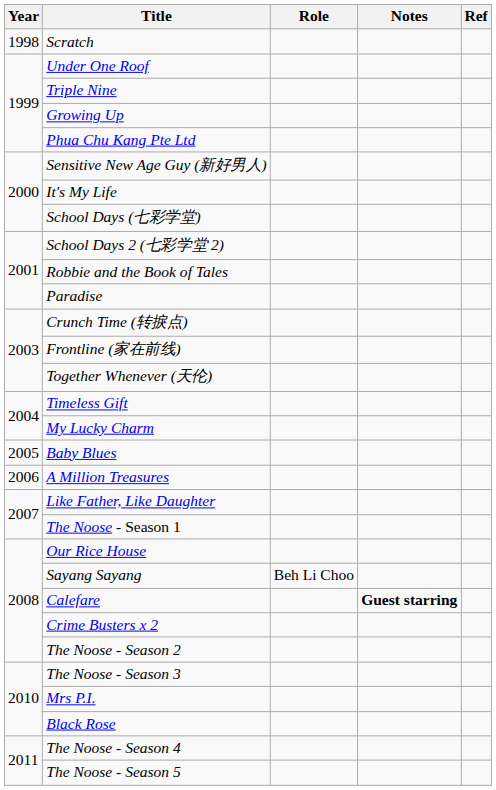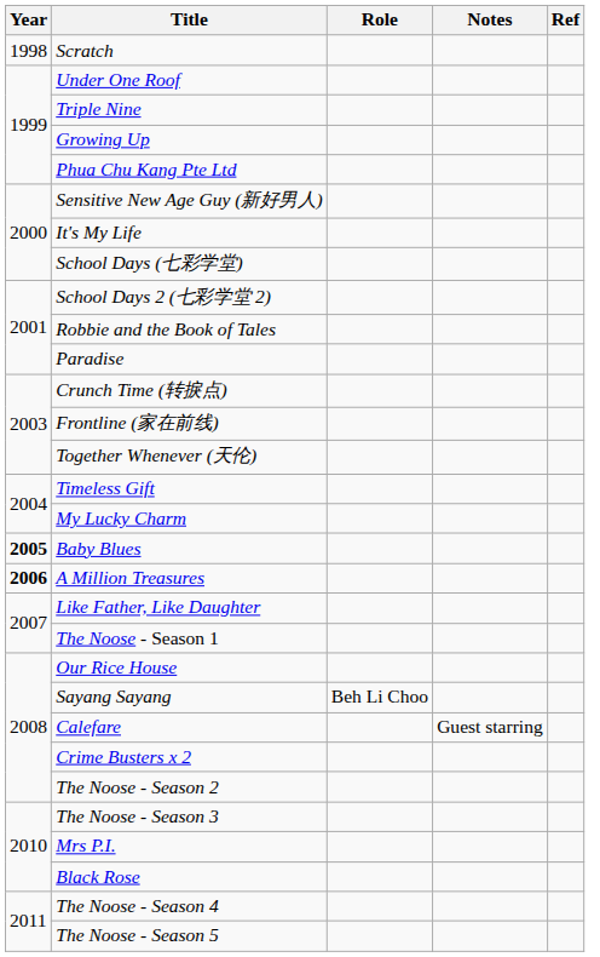 <table class="wikitable sortable">
 <tr>
 <th>Year</th>
 <th>Title</th>
 <th>Role</th>
 <th class="unsortable">Notes</th>
 <th class="unsortable">Ref</th>
 </tr>
 <tr>
 <td>1998</td>
 <td><em>Scratch</em></td>
 <td></td>
 <td></td>
 <td></td>
 </tr>
 <tr>
 <td rowspan="4">1999</td>
 <td><em><a href='#'>Under One Roof</a></em></td>
 <td></td>
 <td></td>
 <td></td>
 </tr>
 <tr>
 <td><em><a href='#'>Triple Nine</a></em></td>
 <td></td>
 <td></td>
 <td></td>
 </tr>
 <tr>
 <td><em><a href='#'>Growing Up</a></em></td>
 <td></td>
 <td></td>
 <td></td>
 </tr>
 <tr>
 <td><em><a href='#'>Phua Chu Kang Pte Ltd</a></em></td>
 <td></td>
 <td></td>
 <td></td>
 </tr>
 <tr>
 <td rowspan="3">2000</td>
 <td><em>Sensitive New Age Guy (新好男人)</em></td>
 <td></td>
 <td></td>
 <td></td>
 </tr>
 <tr>
 <td><em>It's My Life</em></td>
 <td></td>
 <td></td>
 <td></td>
 </tr>
 <tr>
 <td><em>School Days (七彩学堂)</em></td>
 <td></td>
 <td></td>
 <td></td>
 </tr>
 <tr>
 <td rowspan="3">2001</td>
 <td><em>School Days 2 (七彩学堂 2)</em></td>
 <td></td>
 <td></td>
 <td></td>
 </tr>
 <tr>
 <td><em>Robbie and the Book of Tales</em></td>
 <td></td>
 <td></td>
 <td></td>
 </tr>
 <tr>
 <td><em>Paradise</em></td>
 <td></td>
 <td></td>
 <td></td>
 </tr>
 <tr>
 <td rowspan="3">2003</td>
 <td><em>Crunch Time (转捩点)</em></td>
 <td></td>
 <td></td>
 <td></td>
 </tr>
 <tr>
 <td><em>Frontline (家在前线)</em></td>
 <td></td>
 <td></td>
 <td></td>
 </tr>
 <tr>
 <td><em>Together Whenever (天伦)</em></td>
 <td></td>
 <td></td>
 <td></td>
 </tr>
 <tr>
 <td rowspan="2">2004</td>
 <td><em><a href='#'>Timeless Gift</a></em></td>
 <td></td>
 <td></td>
 <td></td>
 </tr>
 <tr>
 <td><em><a href='#'>My Lucky Charm</a></em></td>
 <td></td>
 <td></td>
 <td></td>
 </tr>
 <tr>
-<td>2005</td>
+<td><strong>2005</strong></td>
 <td><em><a href='#'>Baby Blues</a></em></td>
 <td></td>
 <td></td>
 <td></td>
 </tr>
 <tr>
-<td>2006</td>
+<td><strong>2006</strong></td>
 <td><em><a href='#'>A Million Treasures</a></em></td>
 <td></td>
 <td></td>
 <td></td>
 </tr>
 <tr>
 <td rowspan="2">2007</td>
 <td><em><a href='#'>Like Father, Like Daughter</a></em></td>
 <td></td>
 <td></td>
 <td></td>
 </tr>
 <tr>
 <td><em><a href='#'>The Noose</a></em> - Season 1</td>
 <td></td>
 <td></td>
 <td></td>
 </tr>
 <tr>
 <td rowspan="5">2008</td>
 <td><em><a href='#'>Our Rice House</a></em></td>
 <td></td>
 <td></td>
 <td></td>
 </tr>
 <tr>
 <td><em>Sayang Sayang</em></td>
 <td>Beh Li Choo</td>
 <td></td>
 <td></td>
 </tr>
 <tr>
 <td><em><a href='#'>Calefare</a></em></td>
 <td></td>
-<td><strong>Guest starring</strong></td>
+<td>Guest starring</td>
 <td></td>
 </tr>
 <tr>
 <td><em><a href='#'>Crime Busters x 2</a></em></td>
 <td></td>
 <td></td>
 <td></td>
 </tr>
 <tr>
 <td><em>The Noose - Season 2</em></td>
 <td></td>
 <td></td>
 <td></td>
 </tr>
 <tr>
 <td rowspan="3">2010</td>
 <td><em>The Noose - Season 3</em></td>
 <td></td>
 <td></td>
 <td></td>
 </tr>
 <tr>
 <td><em><a href='#'>Mrs P.I.</a></em></td>
 <td></td>
 <td></td>
 <td></td>
 </tr>
 <tr>
 <td><em><a href='#'>Black Rose</a></em></td>
 <td></td>
 <td></td>
 <td></td>
 </tr>
 <tr>
 <td rowspan="2">2011</td>
 <td><em>The Noose - Season 4</em></td>
 <td></td>
 <td></td>
 <td></td>
 </tr>
 <tr>
 <td><em>The Noose - Season 5</em></td>
 <td></td>
 <td></td>
 <td></td>
 </tr>
 </table>
